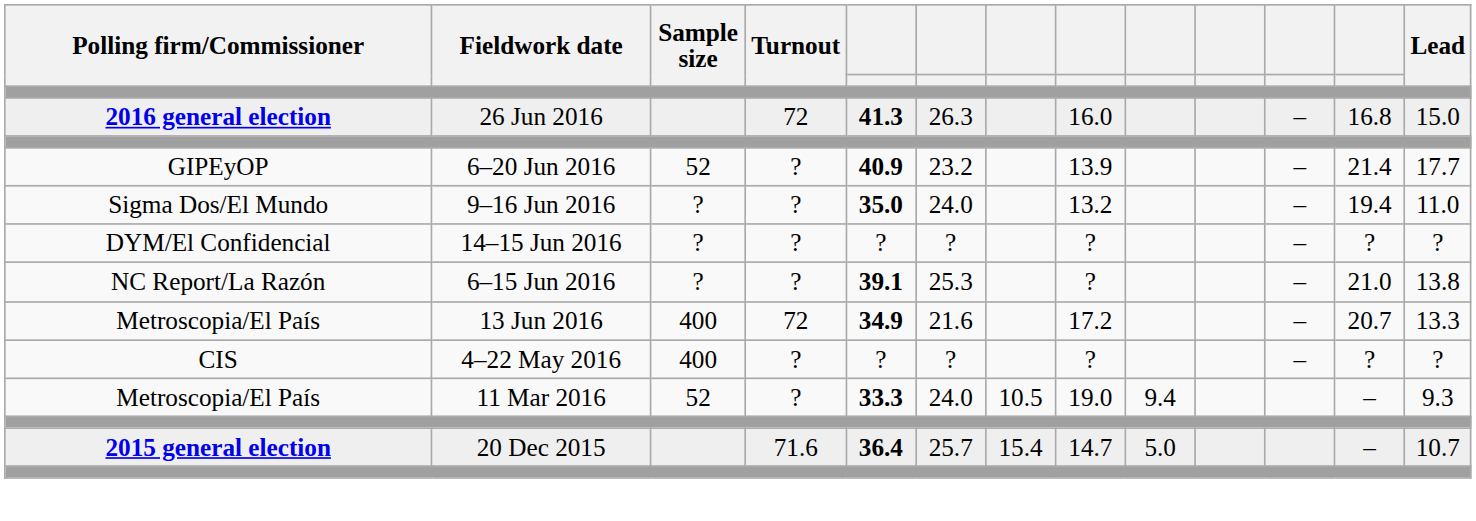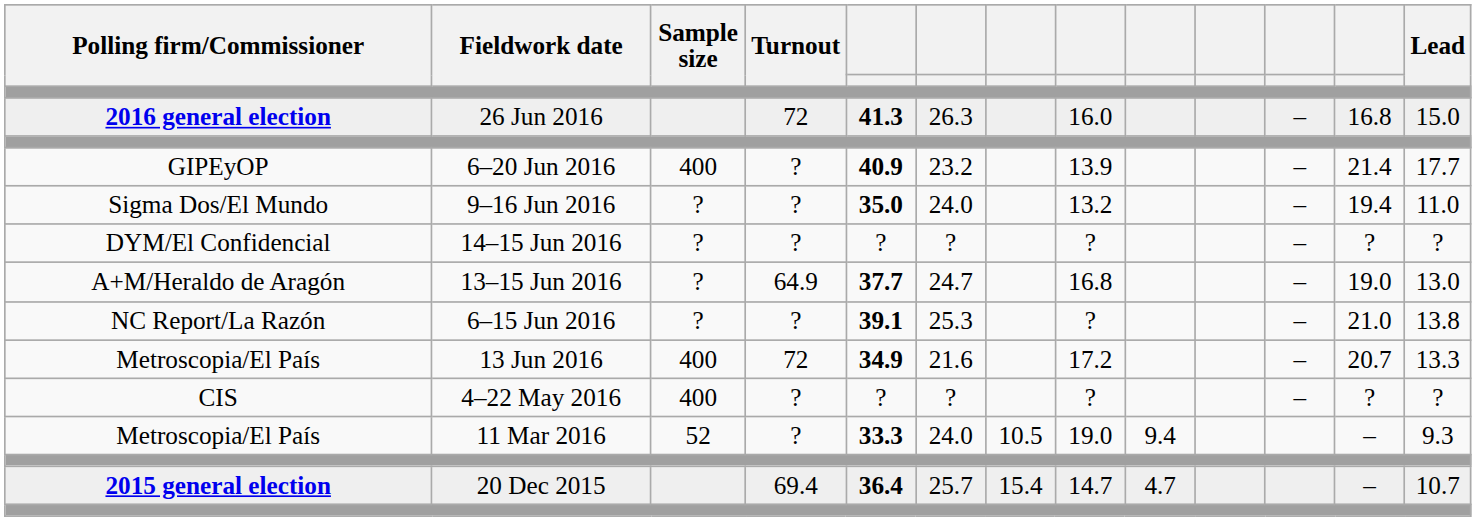 <table class="wikitable collapsible collapsed" style="text-align:center; font-size:95%; line-height:16px;">
 <tr style="height:42px; background-color:#E9E9E9">
 <th style="width:250px;" rowspan="2">Polling firm/Commissioner</th>
 <th style="width:125px;" rowspan="2">Fieldwork date</th>
 <th style="width:50px;" rowspan="2">Sample size</th>
 <th style="width:45px;" rowspan="2">Turnout</th>
 <th style="width:35px;"></th>
 <th style="width:35px;"></th>
 <th style="width:35px;"></th>
 <th style="width:35px;"></th>
 <th style="width:35px;"></th>
 <th style="width:35px;"></th>
 <th style="width:35px;"></th>
 <th style="width:35px;"></th>
 <th style="width:30px;" rowspan="2">Lead</th>
 </tr>
 <tr>
 <th style="color:inherit;background:"></th>
 <th style="color:inherit;background:"></th>
 <th style="color:inherit;background:"></th>
 <th style="color:inherit;background:"></th>
 <th style="color:inherit;background:"></th>
 <th style="color:inherit;background:"></th>
 <th style="color:inherit;background:"></th>
 <th style="color:inherit;background:"></th>
 </tr>
 <tr>
 <td colspan="13" style="background:#A0A0A0"></td>
 </tr>
 <tr style="background:#EFEFEF;">
 <td><strong><a href='#'>2016 general election</a></strong></td>
 <td>26 Jun 2016</td>
 <td></td>
 <td>72</td>
 <td><strong>41.3</strong><br></td>
 <td>26.3<br></td>
 <td></td>
 <td>16.0<br></td>
 <td></td>
 <td></td>
 <td>–</td>
 <td>16.8<br></td>
 <td style="background:">15.0</td>
 </tr>
 <tr>
 <td colspan="13" style="background:#A0A0A0"></td>
 </tr>
 <tr>
 <td>GIPEyOP</td>
 <td>6–20 Jun 2016</td>
-<td>52</td>
+<td>400</td>
 <td>?</td>
 <td><strong>40.9</strong><br></td>
 <td>23.2<br></td>
 <td></td>
 <td>13.9<br></td>
 <td></td>
 <td></td>
 <td>–</td>
 <td>21.4<br></td>
 <td style="background:">17.7</td>
 </tr>
 <tr>
 <td>Sigma Dos/El Mundo</td>
 <td>9–16 Jun 2016</td>
 <td>?</td>
 <td>?</td>
 <td><strong>35.0</strong><br></td>
 <td>24.0<br></td>
 <td></td>
 <td>13.2<br></td>
 <td></td>
 <td></td>
 <td>–</td>
 <td>19.4<br></td>
 <td style="background:">11.0</td>
 </tr>
 <tr>
 <td>DYM/El Confidencial</td>
 <td>14–15 Jun 2016</td>
 <td>?</td>
 <td>?</td>
 <td>?<br></td>
 <td>?<br></td>
 <td></td>
 <td>?<br></td>
 <td></td>
 <td></td>
 <td>–</td>
 <td>?<br></td>
 <td style="background:">?</td>
+</tr>
+<tr>
+<td>A+M/Heraldo de Aragón</td>
+<td>13–15 Jun 2016</td>
+<td>?</td>
+<td>64.9</td>
+<td><strong>37.7</strong><br></td>
+<td>24.7<br></td>
+<td></td>
+<td>16.8<br></td>
+<td></td>
+<td></td>
+<td>–</td>
+<td>19.0<br></td>
+<td style="background:">13.0</td>
 </tr>
 <tr>
 <td>NC Report/La Razón</td>
 <td>6–15 Jun 2016</td>
 <td>?</td>
 <td>?</td>
 <td><strong>39.1</strong><br></td>
 <td>25.3<br></td>
 <td></td>
 <td>?<br></td>
 <td></td>
 <td></td>
 <td>–</td>
 <td>21.0<br></td>
 <td style="background:">13.8</td>
 </tr>
 <tr>
 <td>Metroscopia/El País</td>
 <td>13 Jun 2016</td>
 <td>400</td>
 <td>72</td>
 <td><strong>34.9</strong><br></td>
 <td>21.6<br></td>
 <td></td>
 <td>17.2<br></td>
 <td></td>
 <td></td>
 <td>–</td>
 <td>20.7<br></td>
 <td style="background:">13.3</td>
 </tr>
 <tr>
 <td>CIS</td>
 <td>4–22 May 2016</td>
 <td>400</td>
 <td>?</td>
 <td>?<br></td>
 <td>?<br></td>
 <td></td>
 <td>?<br></td>
 <td></td>
 <td></td>
 <td>–</td>
 <td>?<br></td>
 <td style="background:">?</td>
 </tr>
 <tr>
 <td>Metroscopia/El País</td>
 <td>11 Mar 2016</td>
 <td>52</td>
 <td>?</td>
 <td><strong>33.3</strong><br></td>
 <td>24.0<br></td>
 <td>10.5<br></td>
 <td>19.0<br></td>
 <td>9.4<br></td>
 <td></td>
 <td></td>
 <td>–</td>
 <td style="background:">9.3</td>
 </tr>
 <tr>
 <td colspan="13" style="background:#A0A0A0"></td>
 </tr>
 <tr style="background:#EFEFEF;">
 <td><strong><a href='#'>2015 general election</a></strong></td>
 <td>20 Dec 2015</td>
 <td></td>
-<td>71.6</td>
+<td>69.4</td>
 <td><strong>36.4</strong><br></td>
 <td>25.7<br></td>
 <td>15.4<br></td>
 <td>14.7<br></td>
-<td>5.0<br></td>
+<td>4.7<br></td>
 <td></td>
 <td></td>
 <td>–</td>
 <td style="background:">10.7</td>
 </tr>
 <tr>
 <td colspan="13" style="background:#A0A0A0"></td>
 </tr>
 </table>
